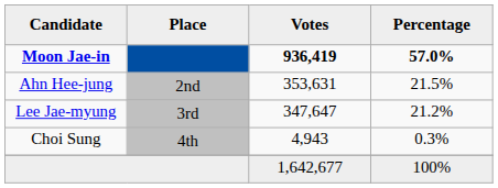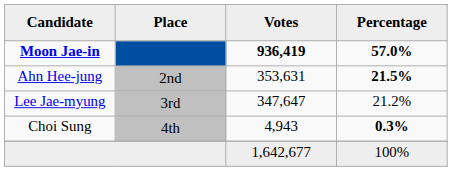 <table class="wikitable"  style="float: margin:10px">
 <tr style="background:#eee; text-align:center;">
 <td style="padding:10px; width:98px;"><strong>Candidate</strong></td>
 <td style="padding:10px; width:98px;"><strong>Place</strong></td>
 <td style="padding:10px; width:98px;"><strong>Votes</strong></td>
 <td style="padding:10px; width:98px;"><strong>Percentage</strong></td>
 </tr>
 <tr>
 <td style="width:90px; padding:2px 0 6px; text-align:center;"><strong><a href='#'>Moon Jae-in</a></strong></td>
 <td style="background: #004EA2; text-align:center"><strong></strong></td>
 <td style="width:90px; padding:2px 0 6px; text-align:center;"><strong>936,419</strong></td>
 <td style="width:90px; padding:2px 0 6px; text-align:center;"><strong>57.0%</strong></td>
 </tr>
 <tr>
 <td style="width:90px; padding:2px 0 6px; text-align:center;"><a href='#'>Ahn Hee-jung</a></td>
 <td style="background:silver; text-align:center">2nd</td>
 <td style="width:90px; padding:2px 0 6px; text-align:center;">353,631</td>
-<td style="width:90px; padding:2px 0 6px; text-align:center;">21.5%</td>
+<td style="width:90px; padding:2px 0 6px; text-align:center;"><strong>21.5%</strong></td>
 </tr>
 <tr>
 <td style="width:90px; padding:2px 0 6px; text-align:center;"><a href='#'>Lee Jae-myung</a></td>
 <td style="background: silver; text-align:center">3rd</td>
 <td style="width:90px; padding:2px 0 6px; text-align:center;">347,647</td>
 <td style="width:90px; padding:2px 0 6px; text-align:center;">21.2%</td>
 </tr>
 <tr>
 <td style="width:90px; padding:2px 0 6px; text-align:center;">Choi Sung</td>
 <td style="background:silver; text-align:center">4th</td>
 <td style="width:90px; padding:2px 0 6px; text-align:center;">4,943</td>
-<td style="width:90px; padding:2px 0 6px; text-align:center;">0.3%</td>
+<td style="width:90px; padding:2px 0 6px; text-align:center;"><strong>0.3%</strong></td>
 </tr>
 <tr>
 </tr>
 <tr style="background:#eee;">
 <td colspan=2></td>
 <td style="width:90px; padding:2px 0 6px; text-align:center;">1,642,677</td>
 <td style="width:90px; padding:2px 0 6px; text-align:center;">100%</td>
 </tr>
 </table>
